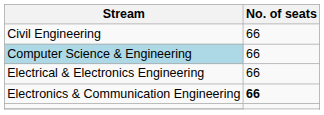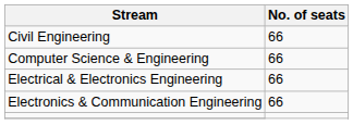 <table class="wikitable sortable">
 <tr>
 <th>Stream</th>
 <th>No. of seats</th>
 </tr>
 <tr>
 <td>Civil Engineering</td>
 <td>66</td>
 </tr>
 <tr>
-<td style="background: lightblue;">Computer Science & Engineering</td>
+<td>Computer Science & Engineering</td>
 <td>66</td>
 </tr>
 <tr>
 <td>Electrical & Electronics Engineering</td>
 <td>66</td>
 </tr>
 <tr>
 <td>Electronics & Communication Engineering</td>
-<td><strong>66</strong></td>
+<td>66</td>
 </tr>
 <tr>
 <td></td>
 </tr>
 <tr>
 </tr>
 </table>
